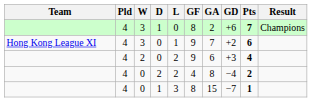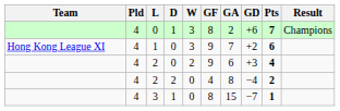 <table class="wikitable" style="text-align: center;">
 <tr>
 <th width=175>Team</th>
 <th width=20>Pld</th>
+<th width=20>L</th>
+<th width=20>D</th>
 <th width=20>W</th>
-<th width=20>D</th>
-<th width=20>L</th>
 <th width=20>GF</th>
 <th width=20>GA</th>
 <th width=20>GD</th>
 <th width=20>Pts</th>
 <th>Result</th>
 </tr>
 <tr bgcolor=#ccffcc>
 <td align="left"></td>
 <td>4</td>
+<td>0</td>
+<td>1</td>
 <td>3</td>
-<td>1</td>
-<td>0</td>
 <td>8</td>
 <td>2</td>
 <td>+6</td>
 <td><strong>7</strong></td>
 <td>Champions</td>
 </tr>
 <tr>
 <td align="left"> <a href='#'>Hong Kong League XI</a></td>
 <td>4</td>
+<td>1</td>
+<td>0</td>
 <td>3</td>
-<td>0</td>
-<td>1</td>
 <td>9</td>
 <td>7</td>
 <td>+2</td>
 <td><strong>6</strong></td>
 <td></td>
 </tr>
 <tr>
 <td align="left"></td>
 <td>4</td>
 <td>2</td>
 <td>0</td>
 <td>2</td>
 <td>9</td>
 <td>6</td>
 <td>+3</td>
 <td><strong>4</strong></td>
 <td></td>
 </tr>
 <tr>
 <td align="left"></td>
 <td>4</td>
-<td>0</td>
 <td>2</td>
 <td>2</td>
+<td>0</td>
 <td>4</td>
 <td>8</td>
 <td>−4</td>
 <td><strong>2</strong></td>
 <td></td>
 </tr>
 <tr>
 <td align="left"></td>
 <td>4</td>
+<td>3</td>
+<td>1</td>
 <td>0</td>
-<td>1</td>
-<td>3</td>
 <td>8</td>
 <td>15</td>
 <td>−7</td>
 <td><strong>1</strong></td>
 <td></td>
 </tr>
 </table>
